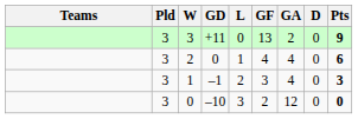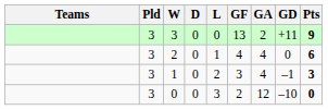 <table class="wikitable" style="text-align: center;">
 <tr>
 <th width=165>Teams</th>
 <th width=20>Pld</th>
 <th width=20>W</th>
-<th width=20>GD</th>
+<th width=20>D</th>
 <th width=20>L</th>
 <th width=20>GF</th>
 <th width=20>GA</th>
-<th width=20>D</th>
+<th width=20>GD</th>
 <th width=20>Pts</th>
 </tr>
 <tr align=center style="background:#ccffcc;">
 <td style="text-align:left;"></td>
 <td>3</td>
 <td>3</td>
-<td>+11</td>
+<td>0</td>
 <td>0</td>
 <td>13</td>
 <td>2</td>
-<td>0</td>
+<td>+11</td>
 <td><strong>9</strong></td>
 </tr>
 <tr align=center>
 <td style="text-align:left;"></td>
 <td>3</td>
 <td>2</td>
 <td>0</td>
 <td>1</td>
 <td>4</td>
 <td>4</td>
 <td>0</td>
 <td><strong>6</strong></td>
 </tr>
 <tr align=center>
 <td style="text-align:left;"></td>
 <td>3</td>
 <td>1</td>
-<td>–1</td>
+<td>0</td>
 <td>2</td>
 <td>3</td>
 <td>4</td>
-<td>0</td>
+<td>–1</td>
 <td><strong>3</strong></td>
 </tr>
 <tr align=center>
 <td style="text-align:left;"></td>
 <td>3</td>
 <td>0</td>
-<td>–10</td>
+<td>0</td>
 <td>3</td>
 <td>2</td>
 <td>12</td>
-<td>0</td>
+<td>–10</td>
 <td><strong>0</strong></td>
 </tr>
 </table>
